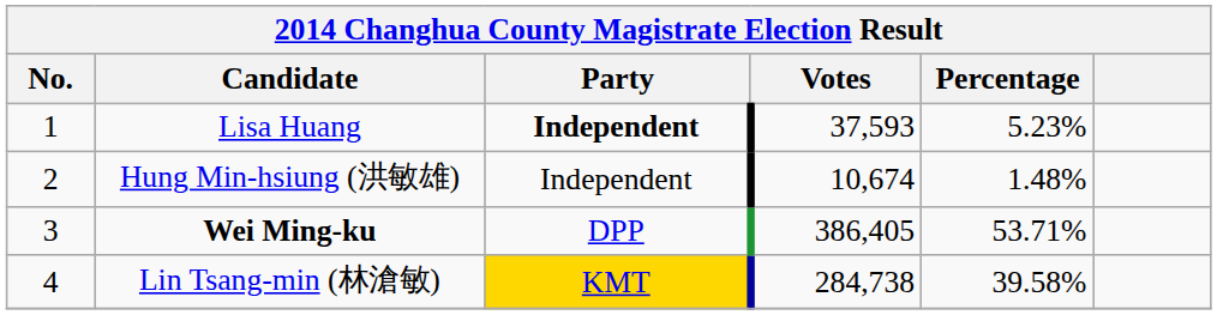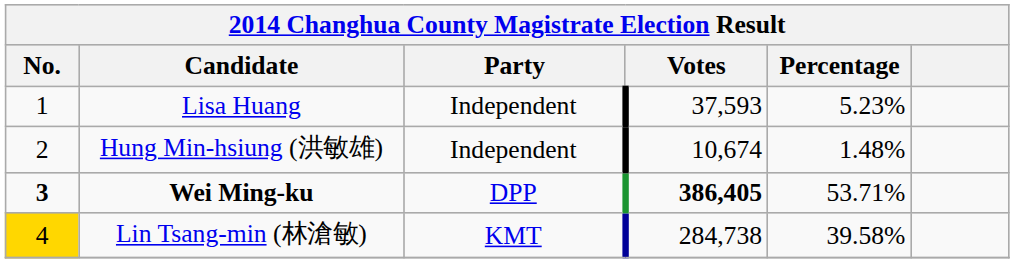 <table class="wikitable" style="text-align:center;margin:1em auto;">
 <tr>
 <th colspan="7" width=620px><a href='#'>2014 Changhua County Magistrate Election</a> Result</th>
 </tr>
 <tr>
 <th width=35>No.</th>
 <th width=180>Candidate</th>
 <th width=120>Party</th>
 <th width=75>Votes</th>
 <th width=75>Percentage</th>
 <th width=49></th>
 </tr>
 <tr>
 <td>1</td>
 <td><a href='#'>Lisa Huang</a></td>
-<td><strong>Independent</strong></td>
+<td>Independent</td>
 <td style="border-left:4px solid #000000;" align="right">37,593</td>
 <td align="right">5.23%</td>
 <td align="center"></td>
 </tr>
 <tr>
 <td>2</td>
 <td><a href='#'>Hung Min-hsiung</a> (洪敏雄)</td>
 <td>Independent</td>
 <td style="border-left:4px solid #000000;" align="right">10,674</td>
 <td align="right">1.48%</td>
 <td align="center"></td>
 </tr>
 <tr>
-<td>3</td>
+<td><strong>3</strong></td>
 <td><strong>Wei Ming-ku</strong></td>
 <td><a href='#'>DPP</a></td>
-<td style="border-left:4px solid #1B9431;" align="right">386,405</td>
+<td style="border-left:4px solid #1B9431;" align="right"><strong>386,405</strong></td>
 <td align="right">53.71%</td>
 <td align="center"></td>
 </tr>
 <tr>
-<td>4</td>
+<td style="background: gold;">4</td>
 <td><a href='#'>Lin Tsang-min</a> (林滄敏)</td>
-<td style="background: gold;"><a href='#'>KMT</a></td>
+<td><a href='#'>KMT</a></td>
 <td style="border-left:4px solid #000099;" align="right">284,738</td>
 <td align="right">39.58%</td>
 <td align="center"></td>
 </tr>
 <tr bgcolor=EEEEEE>
 </tr>
 </table>
